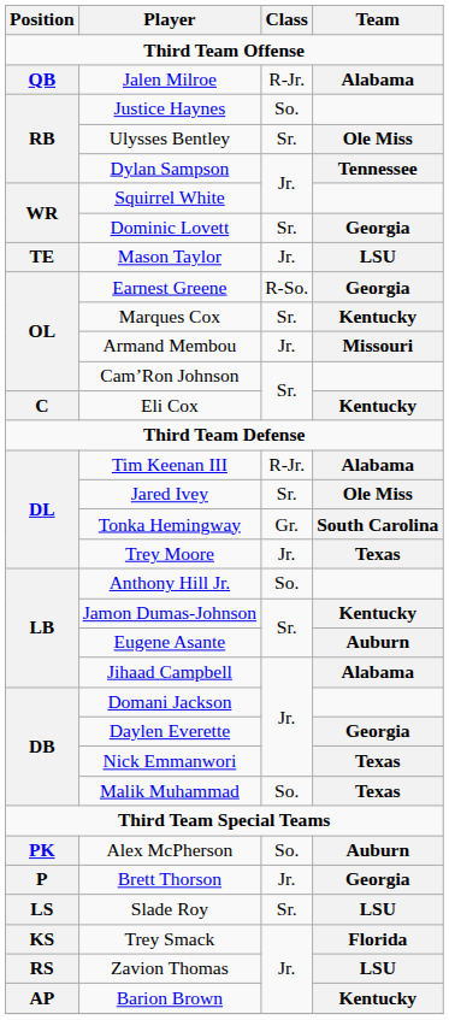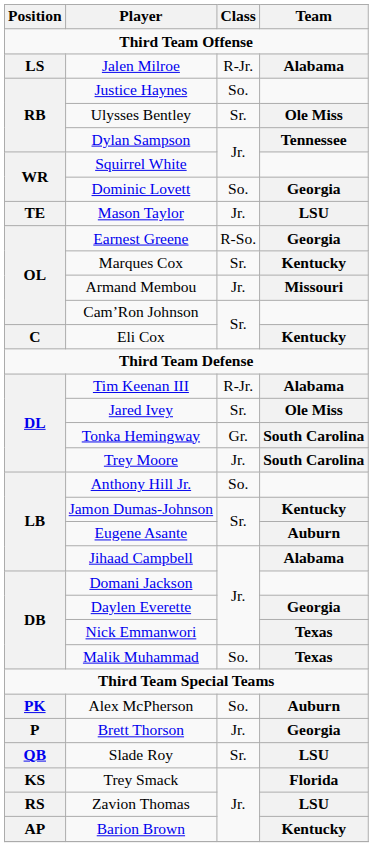 <table class="wikitable">
 <tr>
 <th>Position</th>
 <th>Player</th>
 <th>Class</th>
 <th>Team</th>
 </tr>
 <tr>
 <td colspan="4" style="text-align:center; "><strong>Third Team Offense</strong></td>
 </tr>
 <tr style="text-align:center;">
-<th rowspan="1"><a href='#'>QB</a></th>
+<th>LS</th>
 <td><a href='#'>Jalen Milroe</a></td>
 <td>R-Jr.</td>
 <th>Alabama</th>
 </tr>
 <tr style="text-align:center;">
 <th rowspan="3">RB</th>
 <td><a href='#'>Justice Haynes</a></td>
 <td>So.</td>
 </tr>
 <tr style="text-align:center;">
 <td>Ulysses Bentley</td>
 <td>Sr.</td>
 <th>Ole Miss</th>
 </tr>
 <tr style="text-align:center;">
 <td><a href='#'>Dylan Sampson</a></td>
 <td rowspan="2">Jr.</td>
 <th>Tennessee</th>
 </tr>
 <tr style="text-align:center;">
 <th rowspan="2">WR</th>
 <td><a href='#'>Squirrel White</a></td>
 </tr>
 <tr style="text-align:center;">
 <td><a href='#'>Dominic Lovett</a></td>
-<td>Sr.</td>
+<td>So.</td>
 <th>Georgia</th>
 </tr>
 <tr style="text-align:center;">
 <th>TE</th>
 <td><a href='#'>Mason Taylor</a></td>
 <td>Jr.</td>
 <th>LSU</th>
 </tr>
 <tr style="text-align:center;">
 <th rowspan="4">OL</th>
 <td><a href='#'>Earnest Greene</a></td>
 <td>R-So.</td>
 <th>Georgia</th>
 </tr>
 <tr style="text-align:center;">
 <td>Marques Cox</td>
 <td>Sr.</td>
 <th>Kentucky</th>
 </tr>
 <tr style="text-align:center;">
 <td>Armand Membou</td>
 <td>Jr.</td>
 <th>Missouri</th>
 </tr>
 <tr style="text-align:center;">
 <td>Cam’Ron Johnson</td>
 <td rowspan="2">Sr.</td>
 </tr>
 <tr style="text-align:center;">
 <th>C</th>
 <td>Eli Cox</td>
 <th>Kentucky</th>
 </tr>
 <tr style="text-align:center;">
 <td colspan="4" style="text-align:center; "><strong>Third Team Defense</strong></td>
 </tr>
 <tr style="text-align:center;">
 <th rowspan="4"><a href='#'>DL</a></th>
 <td><a href='#'>Tim Keenan III</a></td>
 <td>R-Jr.</td>
 <th>Alabama</th>
 </tr>
 <tr style="text-align:center;">
 <td><a href='#'>Jared Ivey</a></td>
 <td>Sr.</td>
 <th>Ole Miss</th>
 </tr>
 <tr style="text-align:center;">
 <td><a href='#'>Tonka Hemingway</a></td>
 <td>Gr.</td>
 <th>South Carolina</th>
 </tr>
 <tr style="text-align:center;">
 <td><a href='#'>Trey Moore</a></td>
 <td>Jr.</td>
-<th>Texas</th>
+<th>South Carolina</th>
 </tr>
 <tr style="text-align:center;">
 <th rowspan="4">LB</th>
 <td><a href='#'>Anthony Hill Jr.</a></td>
 <td>So.</td>
 </tr>
 <tr style="text-align:center;">
 <td><a href='#'>Jamon Dumas-Johnson</a></td>
 <td rowspan="2">Sr.</td>
 <th>Kentucky</th>
 </tr>
 <tr style="text-align:center;">
 <td><a href='#'>Eugene Asante</a></td>
 <th>Auburn</th>
 </tr>
 <tr style="text-align:center;">
 <td><a href='#'>Jihaad Campbell</a></td>
 <td rowspan=4>Jr.</td>
 <th>Alabama</th>
 </tr>
 <tr style="text-align:center;">
 <th rowspan="4">DB</th>
 <td><a href='#'>Domani Jackson</a></td>
 </tr>
 <tr style="text-align:center;">
 <td><a href='#'>Daylen Everette</a></td>
 <th>Georgia</th>
 </tr>
 <tr style="text-align:center;">
 <td><a href='#'>Nick Emmanwori</a></td>
 <th>Texas</th>
 </tr>
 <tr style="text-align:center;">
 <td><a href='#'>Malik Muhammad</a></td>
 <td>So.</td>
 <th>Texas</th>
 </tr>
 <tr>
 <td colspan="4" style="text-align:center; "><strong>Third Team Special Teams</strong></td>
 </tr>
 <tr style="text-align:center;">
 <th rowspan="1"><a href='#'>PK</a></th>
 <td>Alex McPherson</td>
 <td>So.</td>
 <th>Auburn</th>
 </tr>
 <tr style="text-align:center;">
 <th>P</th>
 <td><a href='#'>Brett Thorson</a></td>
 <td>Jr.</td>
 <th>Georgia</th>
 </tr>
 <tr style="text-align:center;">
-<th>LS</th>
+<th rowspan="1"><a href='#'>QB</a></th>
 <td>Slade Roy</td>
 <td>Sr.</td>
 <th>LSU</th>
 </tr>
 <tr style="text-align:center;">
 <th>KS</th>
 <td>Trey Smack</td>
 <td rowspan=3>Jr.</td>
 <th>Florida</th>
 </tr>
 <tr style="text-align:center;">
 <th>RS</th>
 <td>Zavion Thomas</td>
 <th>LSU</th>
 </tr>
 <tr style="text-align:center;">
 <th>AP</th>
 <td><a href='#'>Barion Brown</a></td>
 <th>Kentucky</th>
 </tr>
 <tr>
 </tr>
 </table>
